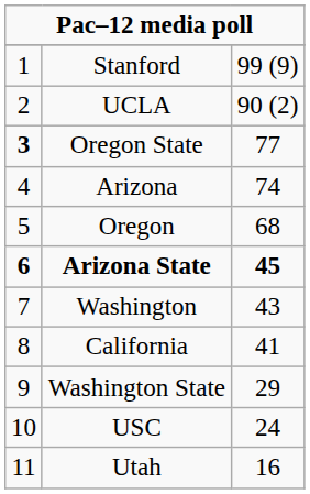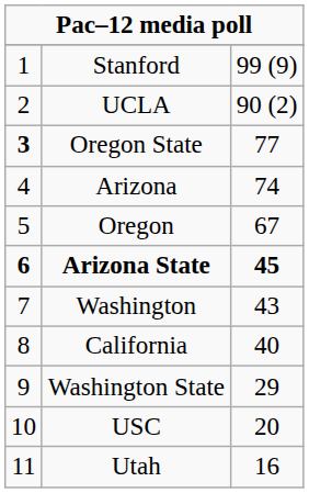 <table class="wikitable" style="display: inline-table;">
 <tr>
 <td align="center" Colspan="3"><strong>Pac–12 media poll</strong></td>
 </tr>
 <tr align="center">
 </tr>
 <tr align="center">
 <td>1</td>
 <td>Stanford</td>
 <td>99 (9)</td>
 </tr>
 <tr align="center">
 <td>2</td>
 <td>UCLA</td>
 <td>90 (2)</td>
 </tr>
 <tr align="center">
 <td><strong>3</strong></td>
 <td>Oregon State</td>
 <td>77</td>
 </tr>
 <tr align="center">
 <td>4</td>
 <td>Arizona</td>
 <td>74</td>
 </tr>
 <tr align="center">
 <td>5</td>
 <td>Oregon</td>
-<td>68</td>
+<td>67</td>
 </tr>
 <tr align="center">
 <td><strong>6</strong></td>
 <td><strong>Arizona State</strong></td>
 <td><strong>45</strong></td>
 </tr>
 <tr align="center">
 <td>7</td>
 <td>Washington</td>
 <td>43</td>
 </tr>
 <tr align="center">
 <td>8</td>
 <td>California</td>
-<td>41</td>
+<td>40</td>
 </tr>
 <tr align="center">
 <td>9</td>
 <td>Washington State</td>
 <td>29</td>
 </tr>
 <tr align="center">
 <td>10</td>
 <td>USC</td>
-<td>24</td>
+<td>20</td>
 </tr>
 <tr align="center">
 <td>11</td>
 <td>Utah</td>
 <td>16</td>
 </tr>
 </table>
